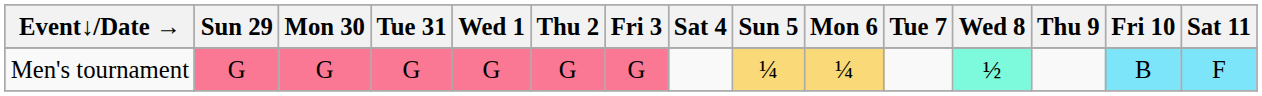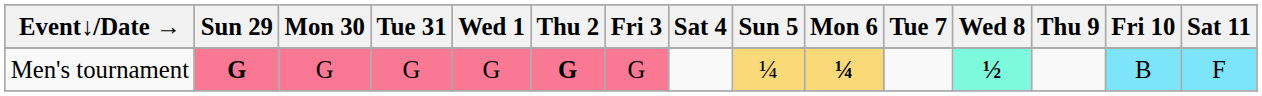 <table class="wikitable" style="float:left;margin:0.5em auto; font-size:90%; line-height:1.25em;">
 <tr align="center">
 <th>Event↓/Date →</th>
 <th>Sun 29</th>
 <th>Mon 30</th>
 <th>Tue 31</th>
 <th>Wed 1</th>
 <th>Thu 2</th>
 <th>Fri 3</th>
 <th>Sat 4</th>
 <th>Sun 5</th>
 <th>Mon 6</th>
 <th>Tue 7</th>
 <th>Wed 8</th>
 <th>Thu 9</th>
 <th>Fri 10</th>
 <th>Sat 11</th>
 </tr>
 <tr>
 </tr>
 <tr align="center">
 <td align="left">Men's tournament</td>
+<td bgcolor="#FA7894"><strong>G</strong></td>
 <td bgcolor="#FA7894">G</td>
 <td bgcolor="#FA7894">G</td>
 <td bgcolor="#FA7894">G</td>
-<td bgcolor="#FA7894">G</td>
-<td bgcolor="#FA7894">G</td>
+<td bgcolor="#FA7894"><strong>G</strong></td>
 <td bgcolor="#FA7894">G</td>
 <td></td>
 <td bgcolor="#FAD978">¼</td>
-<td bgcolor="#FAD978">¼</td>
+<td bgcolor="#FAD978"><strong>¼</strong></td>
 <td></td>
-<td bgcolor="#7DFADB">½</td>
+<td bgcolor="#7DFADB"><strong>½</strong></td>
 <td></td>
 <td bgcolor="#7DE5FA">B</td>
 <td bgcolor="#7DE5FA">F</td>
 </tr>
 </table>
